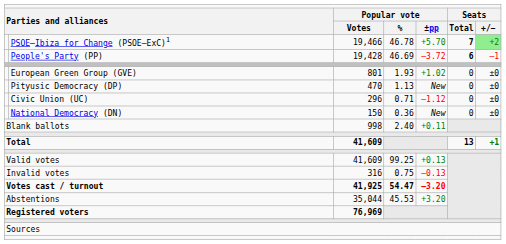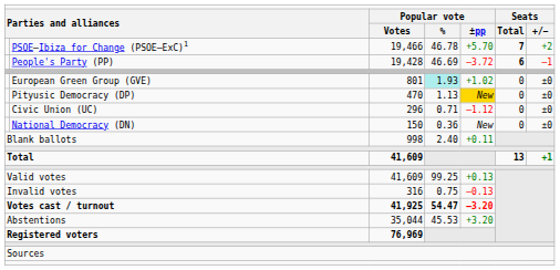 <table class="wikitable" style="text-align:right;">
 <tr>
 <td colspan="7"></td>
 </tr>
 <tr>
 <th style="text-align:left;" rowspan="2" colspan="2" width="525">Parties and alliances</th>
 <th colspan="3">Popular vote</th>
 <th colspan="2">Seats</th>
 </tr>
 <tr>
 <th width="75">Votes</th>
 <th width="45">%</th>
 <th width="45">±<a href='#'>pp</a></th>
 <th width="35">Total</th>
 <th width="35">+/−</th>
 </tr>
 <tr>
 <td width="1" style="color:inherit;background:"></td>
 <td align="left"><a href='#'>PSOE</a>–<a href='#'>Ibiza for Change</a> (PSOE–ExC)<sup>1</sup></td>
 <td>19,466</td>
 <td>46.78</td>
 <td style="color:green;">+5.70</td>
 <td><strong>7</strong></td>
-<td style="background: lightgreen; color:green;">+2</td>
+<td style="color:green;">+2</td>
 </tr>
 <tr>
 <td style="color:inherit;background:"></td>
 <td align="left"><a href='#'>People's Party</a> (PP)</td>
 <td>19,428</td>
 <td>46.69</td>
 <td style="color:red;">–3.72</td>
 <td><strong>6</strong></td>
 <td style="color:red;">–1</td>
 </tr>
 <tr>
 <td colspan="7" bgcolor="#C0C0C0"></td>
 </tr>
 <tr>
 <td style="color:inherit;background:"></td>
 <td align="left">European Green Group (GVE)</td>
 <td>801</td>
-<td>1.93</td>
+<td style="background: paleturquoise;">1.93</td>
 <td style="color:green;">+1.02</td>
 <td>0</td>
 <td>±0</td>
 </tr>
 <tr>
 <td style="color:inherit;background:"></td>
 <td align="left">Pityusic Democracy (DP)</td>
 <td>470</td>
 <td>1.13</td>
-<td><em>New</em></td>
+<td style="background: gold;"><em>New</em></td>
 <td>0</td>
 <td>±0</td>
 </tr>
 <tr>
 <td style="color:inherit;background:"></td>
 <td align="left">Civic Union (UC)</td>
 <td>296</td>
 <td>0.71</td>
 <td style="color:red;">–1.12</td>
 <td>0</td>
 <td>±0</td>
 </tr>
 <tr>
 <td style="color:inherit;background:"></td>
 <td align="left"><a href='#'>National Democracy</a> (DN)</td>
 <td>150</td>
 <td>0.36</td>
 <td><em>New</em></td>
 <td>0</td>
 <td>±0</td>
 </tr>
 <tr>
 <td align="left" colspan="2">Blank ballots</td>
 <td>998</td>
 <td>2.40</td>
 <td style="color:green;">+0.11</td>
 <td bgcolor="#E9E9E9" colspan="2"></td>
 </tr>
 <tr>
 <td colspan="7" bgcolor="#E9E9E9"></td>
 </tr>
 <tr style="font-weight:bold;">
 <td align="left" colspan="2">Total</td>
 <td>41,609</td>
 <td bgcolor="#E9E9E9" colspan="2"></td>
 <td>13</td>
 <td style="color:green;">+1</td>
 </tr>
 <tr>
 <td colspan="7" bgcolor="#E9E9E9"></td>
 </tr>
 <tr>
 <td align="left" colspan="2">Valid votes</td>
 <td>41,609</td>
 <td>99.25</td>
 <td style="color:green;">+0.13</td>
 <td bgcolor="#E9E9E9" colspan="2" rowspan="5"></td>
 </tr>
 <tr>
 <td align="left" colspan="2">Invalid votes</td>
 <td>316</td>
 <td>0.75</td>
 <td style="color:red;">–0.13</td>
 </tr>
 <tr style="font-weight:bold;">
 <td align="left" colspan="2">Votes cast / turnout</td>
 <td>41,925</td>
 <td>54.47</td>
 <td style="color:red;">–3.20</td>
 </tr>
 <tr>
 <td align="left" colspan="2">Abstentions</td>
 <td>35,044</td>
 <td>45.53</td>
 <td style="color:green;">+3.20</td>
 </tr>
 <tr style="font-weight:bold;">
 <td align="left" colspan="2">Registered voters</td>
 <td>76,969</td>
 <td bgcolor="#E9E9E9" colspan="2"></td>
 </tr>
 <tr>
 <td colspan="7" bgcolor="#E9E9E9"></td>
 </tr>
 <tr>
 <td align="left" colspan="7">Sources</td>
 </tr>
 <tr>
 <td colspan="7" style="text-align:left; max-width:790px;"></td>
 </tr>
 </table>
